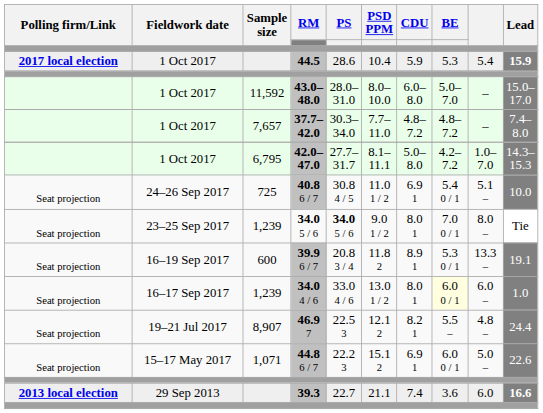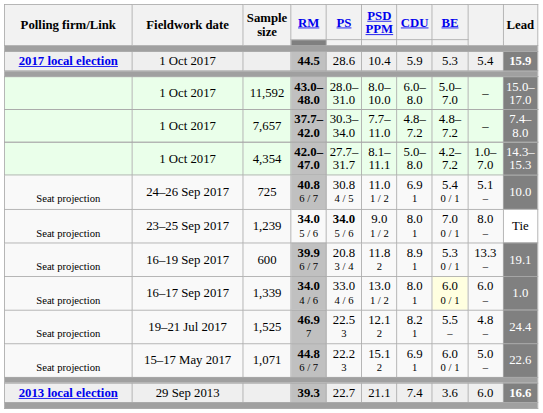 <table class="wikitable collapsible sortable" style="text-align:center; font-size:95%; line-height:16px;">
 <tr style="height:42px;">
 <th style="width:145px;" rowspan="2">Polling firm/Link</th>
 <th style="width:125px;" rowspan="2">Fieldwork date</th>
 <th class="unsortable" style="width:50px;" rowspan="2">Sample size</th>
 <th class="unsortable" style="width:35px;"><a href='#'>RM</a></th>
 <th class="unsortable" style="width:35px;"><a href='#'>PS</a></th>
 <th class="unsortable" style="width:35px;"><a href='#'>PSD</a><br><a href='#'>PPM</a></th>
 <th class="unsortable" style="width:35px;"><a href='#'>CDU</a></th>
 <th class="unsortable" style="width:35px;"><a href='#'>BE</a></th>
 <th class="unsortable" style="width:35px;" rowspan="2"></th>
 <th class="unsortable" style="width:30px;" rowspan="2">Lead</th>
 </tr>
 <tr>
 <th class="unsortable" style="color:inherit;background:#808080;"></th>
 <th class="unsortable" style="color:inherit;background:"></th>
 <th class="unsortable" style="color:inherit;background:"></th>
 <th class="unsortable" style="color:inherit;background:"></th>
 <th class="unsortable" style="color:inherit;background:"></th>
 </tr>
 <tr>
 <td colspan="11" style="background:#A0A0A0"></td>
 </tr>
 <tr style="background:#EFEFEF;">
 <td><strong><a href='#'>2017 local election</a></strong></td>
 <td data-sort-value="2019-10-06">1 Oct 2017</td>
 <td></td>
 <td style="background:#C0C0C0"><strong>44.5</strong><br></td>
 <td>28.6<br></td>
 <td>10.4<br></td>
 <td>5.9<br></td>
 <td>5.3<br></td>
 <td>5.4<br></td>
 <td style="background:#808080; color:white;"><strong>15.9</strong></td>
 </tr>
 <tr>
 <td colspan="11" style="background:#A0A0A0"></td>
 </tr>
 <tr>
 </tr>
 <tr style="background:#EAFFEA"|>
 <td></td>
 <td data-sort-value="2019-10-06">1 Oct 2017</td>
 <td>11,592</td>
 <td style="background:#C0C0C0"><strong>43.0–<br>48.0</strong><br></td>
 <td>28.0–<br>31.0<br></td>
 <td>8.0–<br>10.0<br></td>
 <td>6.0–<br>8.0<br></td>
 <td>5.0–<br>7.0<br></td>
 <td>–</td>
 <td style="background:#808080; color:white;">15.0–<br>17.0</td>
 </tr>
 <tr>
 </tr>
 <tr style="background:#EAFFEA"|>
 <td></td>
 <td data-sort-value="2019-10-06">1 Oct 2017</td>
 <td>7,657</td>
 <td style="background:#C0C0C0"><strong>37.7–<br>42.0</strong><br></td>
 <td>30.3–<br>34.0<br></td>
 <td>7.7–<br>11.0<br></td>
 <td>4.8–<br>7.2<br></td>
 <td>4.8–<br>7.2<br></td>
 <td>–</td>
 <td style="background:#808080; color:white;">7.4–<br>8.0</td>
 </tr>
 <tr>
 </tr>
 <tr style="background:#EAFFEA"|>
 <td></td>
 <td data-sort-value="2019-10-06">1 Oct 2017</td>
-<td>6,795</td>
+<td>4,354</td>
 <td style="background:#C0C0C0"><strong>42.0–<br>47.0</strong><br></td>
 <td>27.7–<br>31.7<br></td>
 <td>8.1–<br>11.1<br></td>
 <td>5.0–<br>8.0<br></td>
 <td>4.2–<br>7.2<br></td>
 <td>1.0–<br>7.0<br></td>
 <td style="background:#808080; color:white;">14.3–<br>15.3</td>
 </tr>
 <tr>
 <td align="center"><br><small>Seat projection</small></td>
 <td align="center">24–26 Sep 2017</td>
 <td>725</td>
 <td style="background:#C0C0C0"><strong>40.8</strong><br><small>6 / 7</small></td>
 <td align="center">30.8<br><small>4 / 5</small></td>
 <td align="center">11.0<br><small>1 / 2</small></td>
 <td align="center">6.9<br><small>1</small></td>
 <td align="center">5.4<br><small>0 / 1</small></td>
 <td align="center">5.1<br><small>–</small></td>
 <td style="background:#808080; color:white;">10.0</td>
 </tr>
 <tr>
 <td align="center"><br><small>Seat projection</small></td>
 <td align="center">23–25 Sep 2017</td>
 <td>1,239</td>
 <td align="center"><strong>34.0</strong><br><small>5 / 6</small></td>
 <td align="center"><strong>34.0</strong><br><small>5 / 6</small></td>
 <td align="center">9.0<br><small>1 / 2</small></td>
 <td align="center">8.0<br><small>1</small></td>
 <td align="center">7.0<br><small>0 / 1</small></td>
 <td align="center">8.0<br><small>–</small></td>
 <td style="background:white; color:black;">Tie</td>
 </tr>
 <tr>
 <td align="center"><br><small>Seat projection</small></td>
 <td align="center">16–19 Sep 2017</td>
 <td>600</td>
 <td style="background:#C0C0C0"><strong>39.9</strong><br><small>6 / 7</small></td>
 <td align="center">20.8<br><small>3 / 4</small></td>
 <td align="center">11.8<br><small>2</small></td>
 <td align="center">8.9<br><small>1</small></td>
 <td align="center">5.3<br><small>0 / 1</small></td>
 <td align="center">13.3<br><small>–</small></td>
 <td style="background:#808080; color:white;">19.1</td>
 </tr>
 <tr>
 <td align="center"><br><small>Seat projection</small></td>
 <td align="center">16–17 Sep 2017</td>
-<td>1,239</td>
+<td>1,339</td>
 <td style="background:#C0C0C0"><strong>34.0</strong><br><small>4 / 6</small></td>
 <td align="center">33.0<br><small>4 / 6</small></td>
 <td align="center">13.0<br><small>1 / 2</small></td>
 <td align="center">8.0<br><small>1</small></td>
 <td align="center" style="background: lightyellow;">6.0<br><small>0 / 1</small></td>
 <td align="center">6.0<br><small>–</small></td>
 <td style="background:#808080; color:white;">1.0</td>
 </tr>
 <tr>
 <td align="center"><br><small>Seat projection</small></td>
 <td align="center">19–21 Jul 2017</td>
-<td>8,907</td>
+<td>1,525</td>
 <td style="background:#C0C0C0"><strong>46.9</strong><br><small>7</small></td>
 <td align="center">22.5<br><small>3</small></td>
 <td align="center">12.1<br><small>2</small></td>
 <td align="center">8.2<br><small>1</small></td>
 <td align="center">5.5<br><small>–</small></td>
 <td align="center">4.8<br><small>–</small></td>
 <td style="background:#808080; color:white;">24.4</td>
 </tr>
 <tr>
 <td align="center"><br><small>Seat projection</small></td>
 <td align="center">15–17 May 2017</td>
 <td>1,071</td>
 <td style="background:#C0C0C0"><strong>44.8</strong><br><small>6 / 7</small></td>
 <td align="center">22.2<br><small>3</small></td>
 <td align="center">15.1<br><small>2</small></td>
 <td align="center">6.9<br><small>1</small></td>
 <td align="center">6.0<br><small>0 / 1</small></td>
 <td align="center">5.0<br><small>–</small></td>
 <td style="background:#808080; color:white;">22.6</td>
 </tr>
 <tr>
 <td colspan="11" style="background:#A0A0A0"></td>
 </tr>
 <tr style="background:#EFEFEF;">
 <td><strong><a href='#'>2013 local election</a></strong></td>
 <td data-sort-value="2019-10-06">29 Sep 2013</td>
 <td></td>
 <td style="background:#C0C0C0"><strong>39.3</strong><br></td>
 <td>22.7<br></td>
 <td>21.1<br></td>
 <td>7.4<br></td>
 <td>3.6<br></td>
 <td>6.0<br></td>
 <td style="background:#808080; color:white;"><strong>16.6</strong></td>
 </tr>
 <tr>
 <td colspan="11" style="background:#A0A0A0"></td>
 </tr>
 </table>
